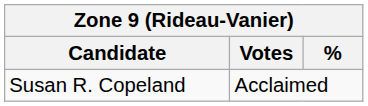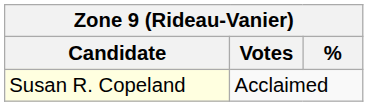 <table class="wikitable">
 <tr>
 <th colspan="3">Zone 9 (Rideau-Vanier)</th>
 </tr>
 <tr>
 <th style="width: 170px">Candidate</th>
 <th style="width: 50px">Votes</th>
 <th style="width: 40px">%</th>
 </tr>
 <tr>
-<td>Susan R. Copeland</td>
+<td style="background: lightyellow;">Susan R. Copeland</td>
 <td colspan="2">Acclaimed</td>
 </tr>
 </table>
